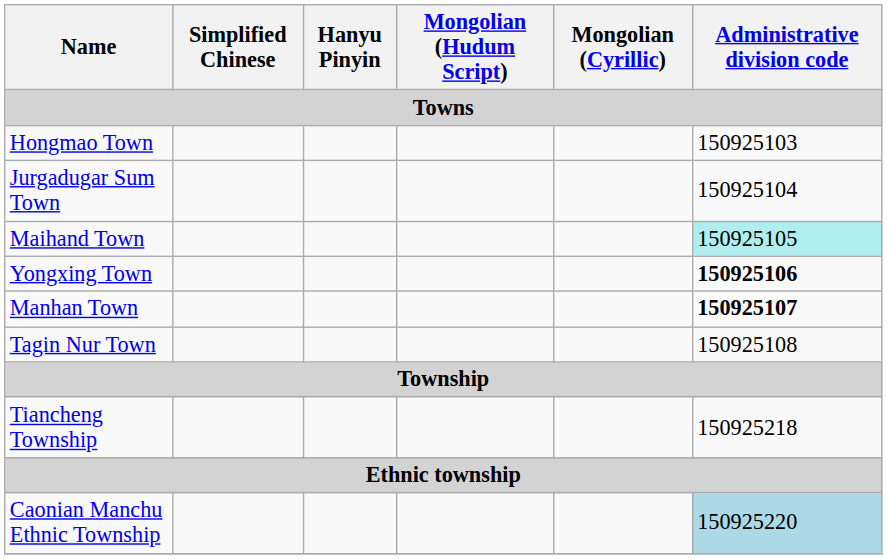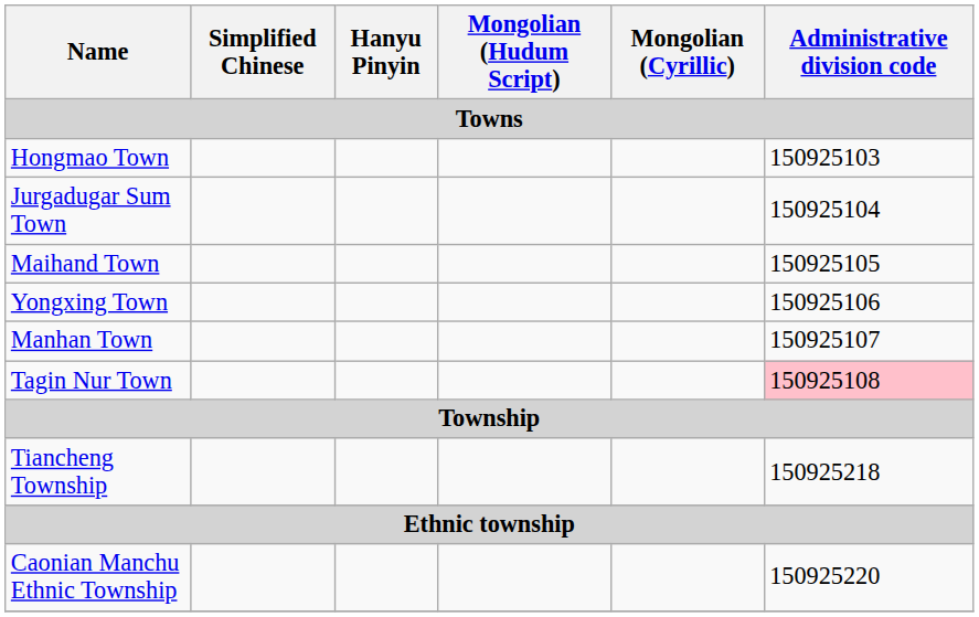 <table class="wikitable" align="center" style="width:50%; border="1">
 <tr>
 <th>Name</th>
 <th>Simplified Chinese</th>
 <th>Hanyu Pinyin</th>
 <th><a href='#'>Mongolian</a> (<a href='#'>Hudum Script</a>)</th>
 <th>Mongolian (<a href='#'>Cyrillic</a>)</th>
 <th><a href='#'>Administrative division code</a></th>
 </tr>
 <tr>
 <td colspan="6"  style="text-align:center; background:#d3d3d3;"><strong>Towns</strong></td>
 </tr>
 <tr --------->
 <td><a href='#'>Hongmao Town</a></td>
 <td></td>
 <td></td>
 <td></td>
 <td></td>
 <td>150925103</td>
 </tr>
 <tr>
 <td><a href='#'>Jurgadugar Sum Town</a></td>
 <td></td>
 <td></td>
 <td></td>
 <td></td>
 <td>150925104</td>
 </tr>
 <tr>
 <td><a href='#'>Maihand Town</a></td>
 <td></td>
 <td></td>
 <td></td>
 <td></td>
-<td style="background: paleturquoise;">150925105</td>
+<td>150925105</td>
 </tr>
 <tr>
 <td><a href='#'>Yongxing Town</a></td>
 <td></td>
 <td></td>
 <td></td>
 <td></td>
-<td><strong>150925106</strong></td>
+<td>150925106</td>
 </tr>
 <tr>
 <td><a href='#'>Manhan Town</a></td>
 <td></td>
 <td></td>
 <td></td>
 <td></td>
-<td><strong>150925107</strong></td>
+<td>150925107</td>
 </tr>
 <tr>
 <td><a href='#'>Tagin Nur Town</a></td>
 <td></td>
 <td></td>
 <td></td>
 <td></td>
-<td>150925108</td>
+<td style="background: pink;">150925108</td>
 </tr>
 <tr>
 <td colspan="6"  style="text-align:center; background:#d3d3d3;"><strong>Township</strong></td>
 </tr>
 <tr --------->
 <td><a href='#'>Tiancheng Township</a></td>
 <td></td>
 <td></td>
 <td></td>
 <td></td>
 <td>150925218</td>
 </tr>
 <tr>
 <td colspan="6"  style="text-align:center; background:#d3d3d3;"><strong>Ethnic township</strong></td>
 </tr>
 <tr --------->
 <td><a href='#'>Caonian Manchu Ethnic Township</a></td>
 <td></td>
 <td></td>
 <td></td>
 <td></td>
-<td style="background: lightblue;">150925220</td>
+<td>150925220</td>
 </tr>
 <tr>
 </tr>
 </table>
